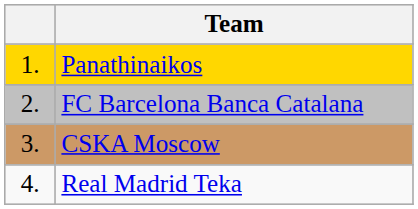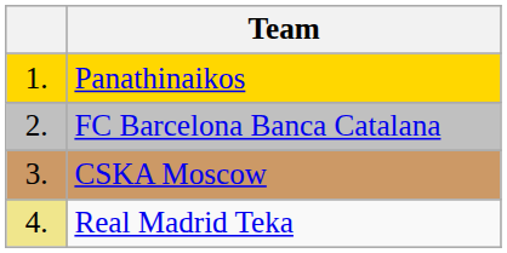 <table class="wikitable" style="text-align:center">
 <tr>
 <th width=25></th>
 <th width=220>Team</th>
 </tr>
 <tr bgcolor=gold>
 <td>1.</td>
 <td align=left> <a href='#'>Panathinaikos</a></td>
 </tr>
 <tr bgcolor=silver>
 <td>2.</td>
 <td align=left> <a href='#'>FC Barcelona Banca Catalana</a></td>
 </tr>
 <tr bgcolor=cc9966>
 <td>3.</td>
 <td align=left> <a href='#'>CSKA Moscow</a></td>
 </tr>
 <tr>
-<td>4.</td>
+<td style="background: khaki;">4.</td>
 <td align=left> <a href='#'>Real Madrid Teka</a></td>
 </tr>
 </table>
